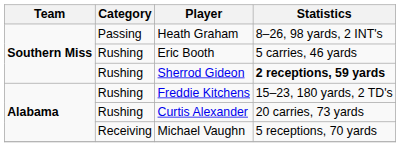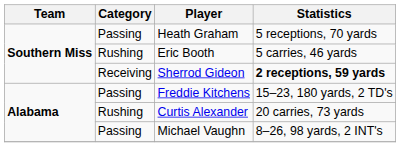 <table class="wikitable" style="float: right;">
 <tr>
 <th>Team</th>
 <th>Category</th>
 <th>Player</th>
 <th>Statistics</th>
 </tr>
 <tr>
 <td rowspan=3><strong>Southern Miss</strong></td>
 <td>Passing</td>
 <td>Heath Graham</td>
-<td>8–26, 98 yards, 2 INT's</td>
+<td>5 receptions, 70 yards</td>
 </tr>
 <tr>
 <td>Rushing</td>
 <td>Eric Booth</td>
 <td>5 carries, 46 yards</td>
 </tr>
 <tr>
-<td>Rushing</td>
+<td>Receiving</td>
 <td><a href='#'>Sherrod Gideon</a></td>
 <td><strong>2 receptions, 59 yards</strong></td>
 </tr>
 <tr>
 <td rowspan=3><strong>Alabama</strong></td>
-<td>Rushing</td>
+<td>Passing</td>
 <td><a href='#'>Freddie Kitchens</a></td>
 <td>15–23, 180 yards, 2 TD's</td>
 </tr>
 <tr>
 <td>Rushing</td>
 <td><a href='#'>Curtis Alexander</a></td>
 <td>20 carries, 73 yards</td>
 </tr>
 <tr>
-<td>Receiving</td>
+<td>Passing</td>
 <td>Michael Vaughn</td>
-<td>5 receptions, 70 yards</td>
+<td>8–26, 98 yards, 2 INT's</td>
 </tr>
 <tr>
 </tr>
 </table>
